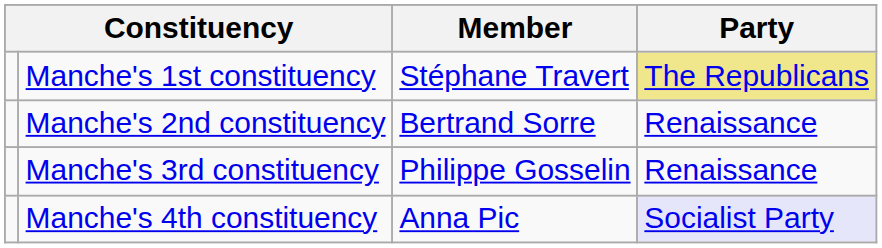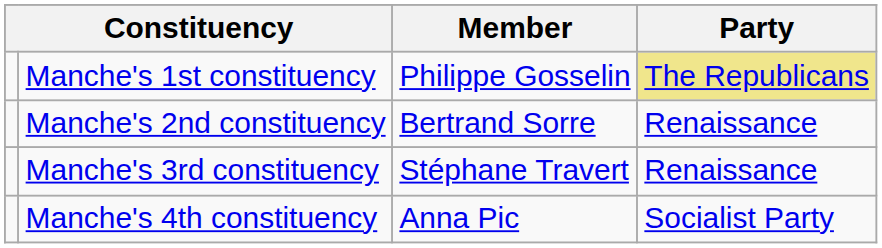 <table class="wikitable">
 <tr>
 <th colspan="2">Constituency</th>
 <th>Member</th>
 <th>Party</th>
 </tr>
 <tr>
 <td style="background-color: "></td>
 <td><a href='#'>Manche's 1st constituency</a></td>
-<td><a href='#'>Stéphane Travert</a></td>
+<td><a href='#'>Philippe Gosselin</a></td>
 <td style="background: khaki;"><a href='#'>The Republicans</a></td>
 </tr>
 <tr>
 <td style="background-color: "></td>
 <td><a href='#'>Manche's 2nd constituency</a></td>
 <td><a href='#'>Bertrand Sorre</a></td>
 <td><a href='#'> Renaissance</a></td>
 </tr>
 <tr>
 <td style="background-color: "></td>
 <td><a href='#'>Manche's 3rd constituency</a></td>
-<td><a href='#'>Philippe Gosselin</a></td>
+<td><a href='#'>Stéphane Travert</a></td>
 <td><a href='#'> Renaissance</a></td>
 </tr>
 <tr>
 <td style="background-color: "></td>
 <td><a href='#'>Manche's 4th constituency</a></td>
 <td><a href='#'>Anna Pic</a></td>
-<td style="background: lavender;"><a href='#'>Socialist Party</a></td>
+<td><a href='#'>Socialist Party</a></td>
 </tr>
 </table>
